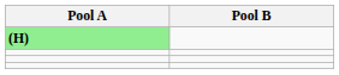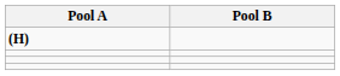 <table class="wikitable" width=375>
 <tr>
 <th width=50%>Pool A</th>
 <th width=50%>Pool B</th>
 </tr>
 <tr>
-<td style="background: lightgreen;"> <strong>(H)</strong></td>
+<td> <strong>(H)</strong></td>
 <td></td>
 </tr>
 <tr>
 <td></td>
 <td></td>
 </tr>
 <tr>
 <td></td>
 <td></td>
 </tr>
 <tr>
 <td></td>
 <td></td>
 </tr>
 </table>
